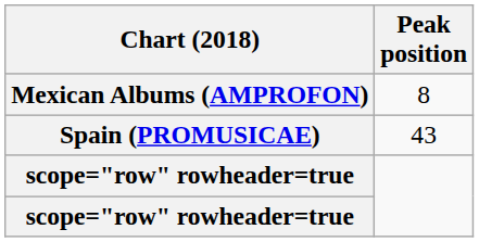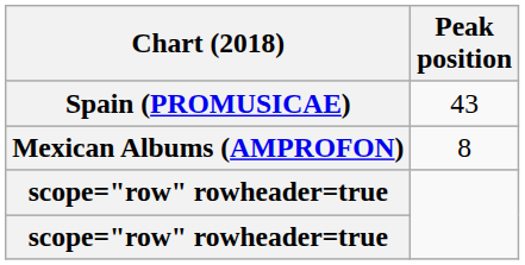 <table class="wikitable sortable plainrowheaders">
 <tr>
 <th>Chart (2018)</th>
 <th>Peak<br>position</th>
 </tr>
 <tr>
+<th scope="row">Spain (<a href='#'>PROMUSICAE</a>)</th>
+<td style="text-align:center;">43</td>
+</tr>
+<tr>
 <th scope="row">Mexican Albums (<a href='#'>AMPROFON</a>)</th>
 <td style="text-align:center;">8</td>
-</tr>
-<tr>
-<th scope="row">Spain (<a href='#'>PROMUSICAE</a>)</th>
-<td style="text-align:center;">43</td>
 </tr>
 <tr>
 <th>scope="row" rowheader=true</th>
 </tr>
 <tr>
 <th>scope="row" rowheader=true</th>
 </tr>
 </table>
